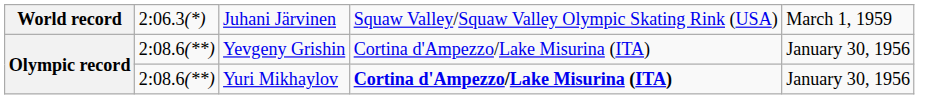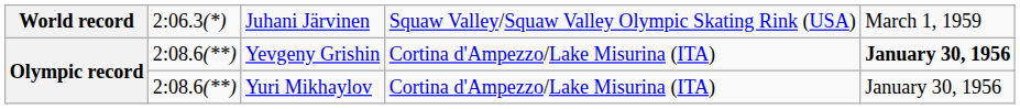 <table class="wikitable" style="font-size:95%;">
 <tr>
 <th>World record</th>
 <td>2:06.3<em>(*)</em></td>
 <td> <a href='#'>Juhani Järvinen</a></td>
 <td><a href='#'>Squaw Valley</a>/<a href='#'>Squaw Valley Olympic Skating Rink</a> (<a href='#'>USA</a>)</td>
 <td>March 1, 1959</td>
 </tr>
 <tr>
 <th rowspan=2>Olympic record</th>
 <td>2:08.6<em>(**)</em></td>
 <td> <a href='#'>Yevgeny Grishin</a></td>
 <td><a href='#'>Cortina d'Ampezzo</a>/<a href='#'>Lake Misurina</a> (<a href='#'>ITA</a>)</td>
-<td>January 30, 1956</td>
+<td><strong>January 30, 1956</strong></td>
 </tr>
 <tr>
 <td>2:08.6<em>(**)</em></td>
 <td> <a href='#'>Yuri Mikhaylov</a></td>
-<td><strong><a href='#'>Cortina d'Ampezzo</a>/<a href='#'>Lake Misurina</a> (<a href='#'>ITA</a>)</strong></td>
+<td><a href='#'>Cortina d'Ampezzo</a>/<a href='#'>Lake Misurina</a> (<a href='#'>ITA</a>)</td>
 <td>January 30, 1956</td>
 </tr>
 </table>
